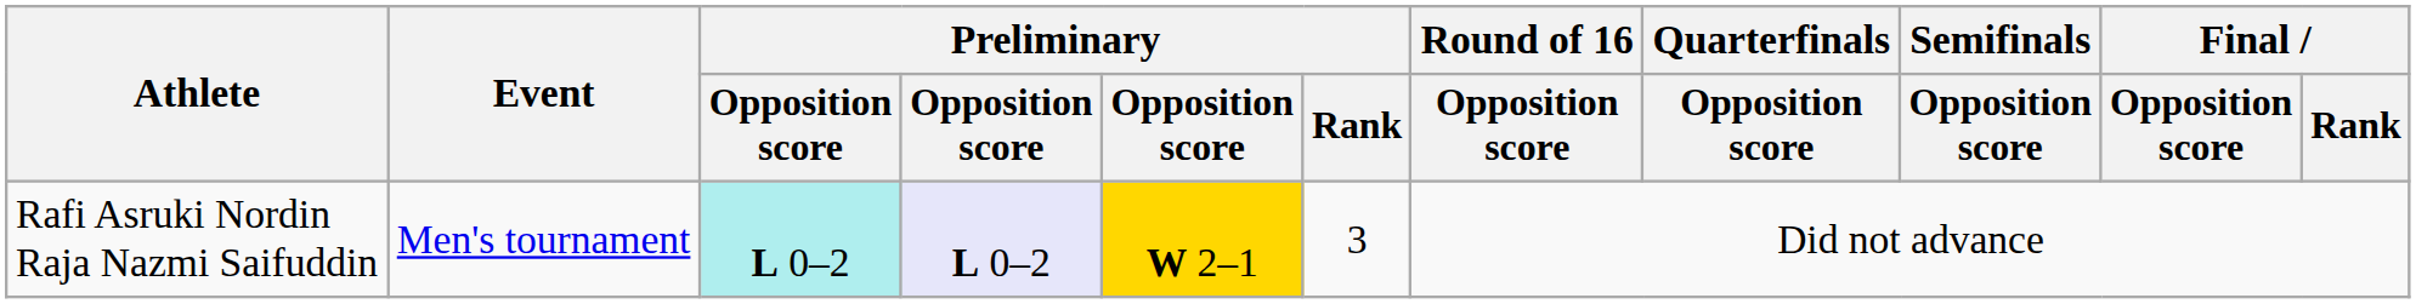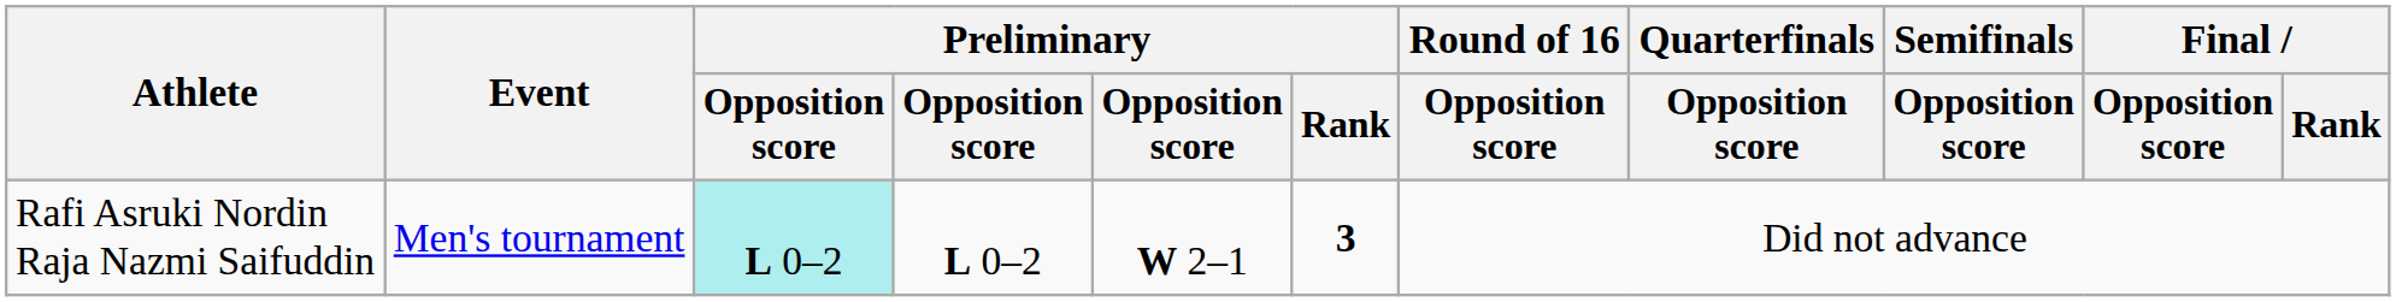 <table class=wikitable style="font-size:90%;text-align:center">
 <tr>
 <th rowspan="2">Athlete</th>
 <th rowspan="2">Event</th>
 <th colspan="4">Preliminary</th>
 <th>Round of 16</th>
 <th>Quarterfinals</th>
 <th>Semifinals</th>
 <th colspan="2">Final / </th>
 </tr>
 <tr style=font-size:95%>
 <th>Opposition<br> score</th>
 <th>Opposition<br> score</th>
 <th>Opposition<br> score</th>
 <th>Rank</th>
 <th>Opposition<br> score</th>
 <th>Opposition<br> score</th>
 <th>Opposition<br> score</th>
 <th>Opposition<br> score</th>
 <th>Rank</th>
 </tr>
 <tr>
 <td align="left">Rafi Asruki Nordin<br>Raja Nazmi Saifuddin</td>
 <td align="left" rowspan="2"><a href='#'>Men's tournament</a></td>
 <td style="background: paleturquoise;"><br><strong>L</strong> 0–2</td>
-<td style="background: lavender;"><br><strong>L</strong> 0–2</td>
-<td style="background: gold;"><br><strong>W</strong> 2–1</td>
-<td>3</td>
+<td><br><strong>L</strong> 0–2</td>
+<td><br><strong>W</strong> 2–1</td>
+<td><strong>3</strong></td>
 <td colspan="5">Did not advance</td>
 </tr>
 </table>
